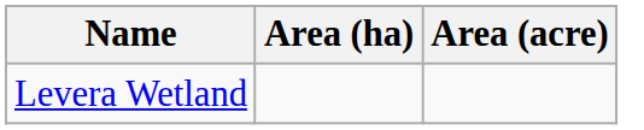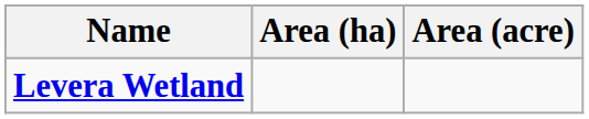 <table class="wikitable sortable">
 <tr>
 <th scope="col" align=left>Name</th>
 <th scope="col">Area (ha)</th>
 <th scope="col">Area (acre)</th>
 </tr>
 <tr ---->
-<td><a href='#'>Levera Wetland</a></td>
+<td><strong><a href='#'>Levera Wetland</a></strong></td>
 <td></td>
 </tr>
 </table>
